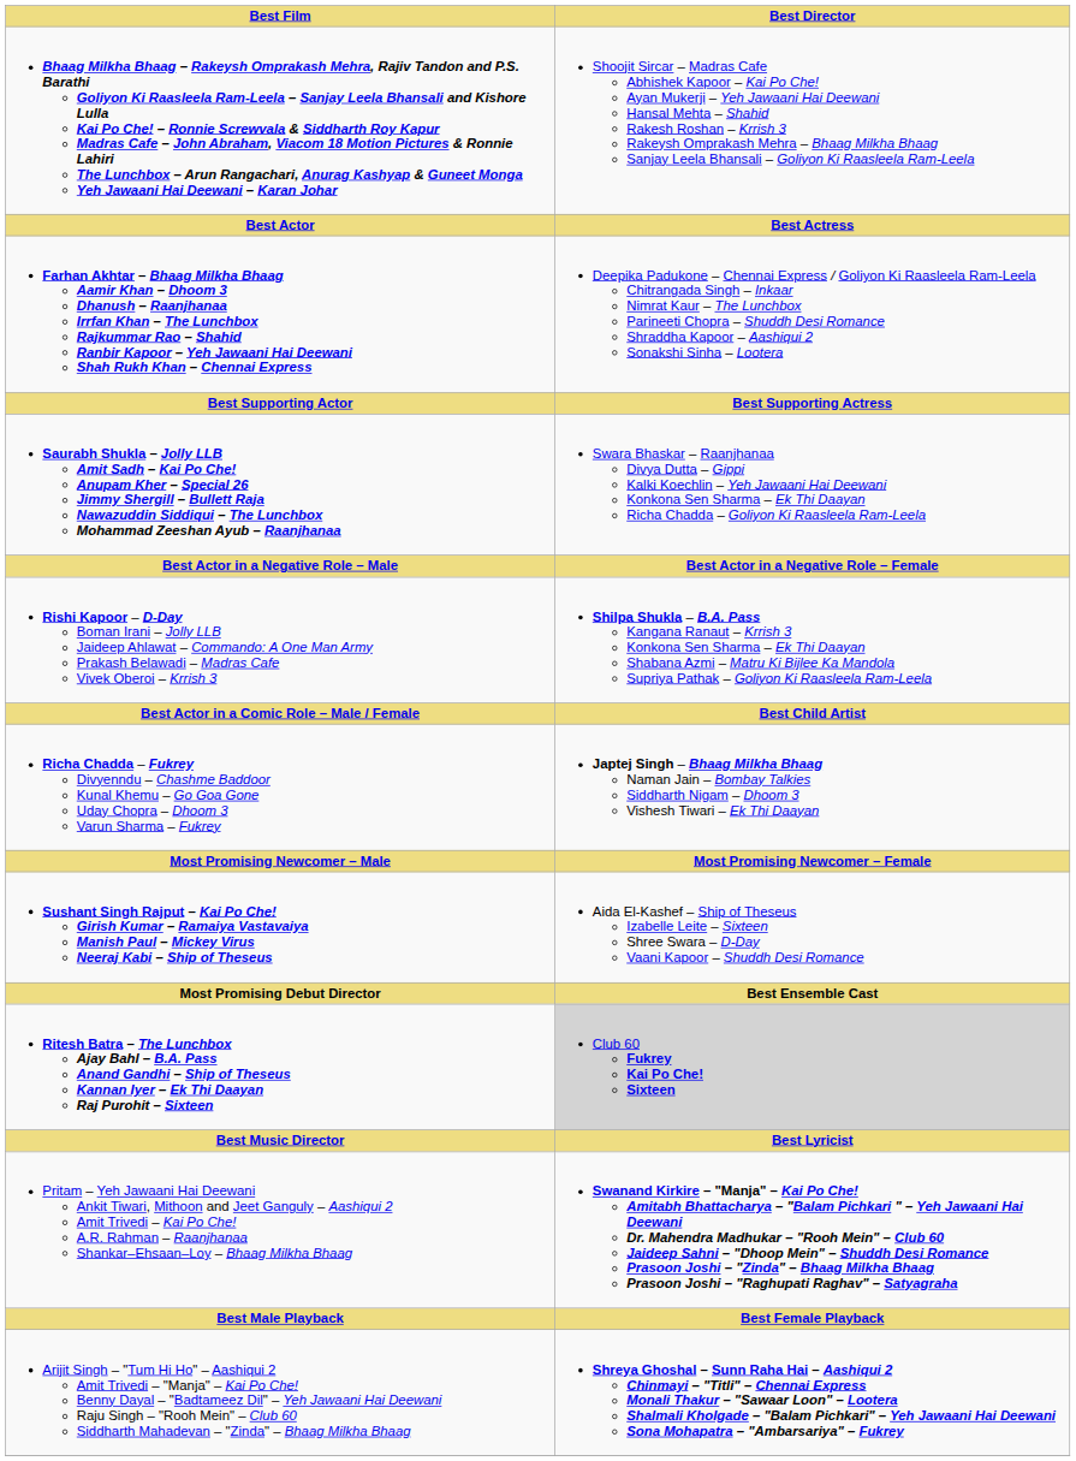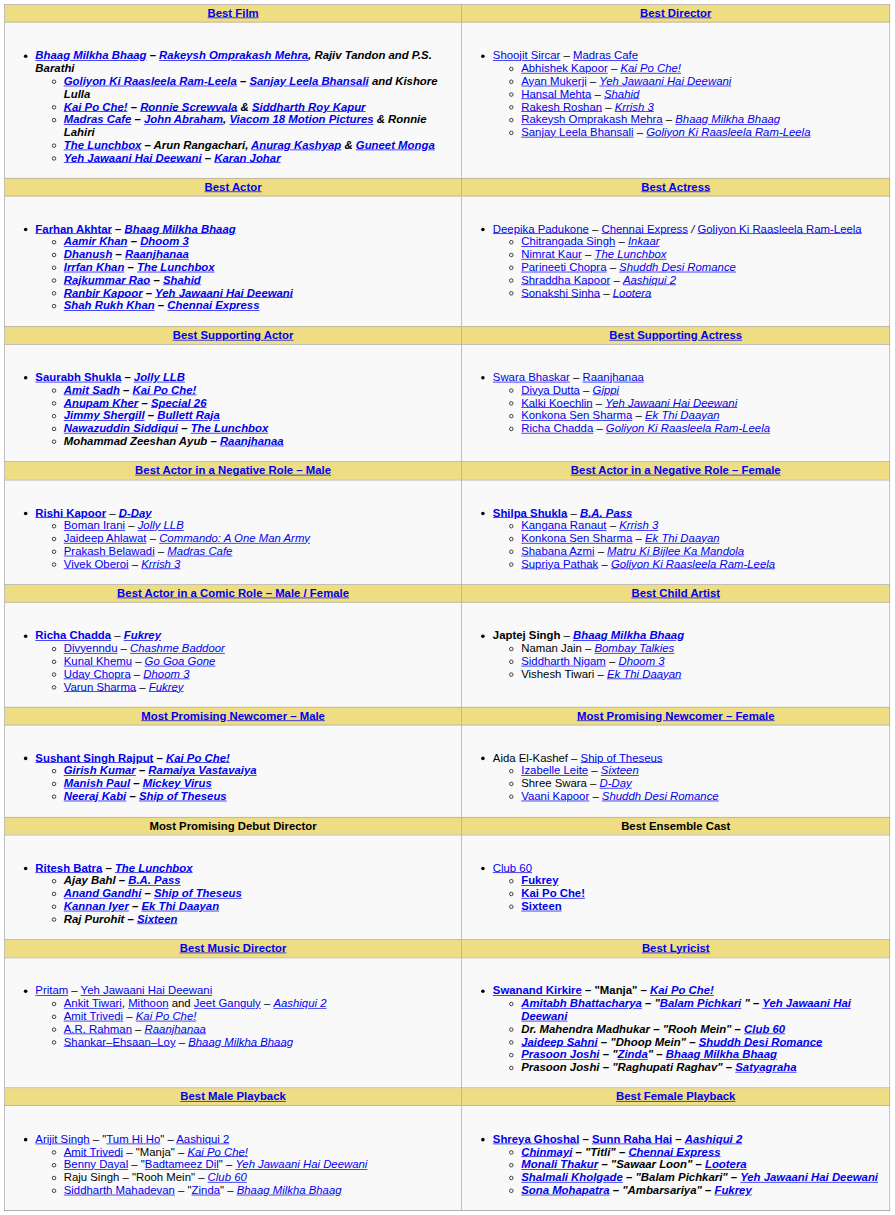 <table class="wikitable">
 <tr>
 <th style="background:#EEDD82;" !align="center"><a href='#'>Best Film</a></th>
 <th style="background:#EEDD82;" !align="center"><a href='#'>Best Director</a></th>
 </tr>
 <tr>
 <td valign="top"><br><ul><li><strong><em><a href='#'>Bhaag Milkha Bhaag</a><em> – <a href='#'>Rakeysh Omprakash Mehra</a>, Rajiv Tandon and P.S. Barathi<strong><ul><li></em><a href='#'>Goliyon Ki Raasleela Ram-Leela</a><em> – <a href='#'>Sanjay Leela Bhansali</a> and Kishore Lulla</li><li></em><a href='#'>Kai Po Che!</a><em>  – <a href='#'>Ronnie Screwvala</a> & <a href='#'>Siddharth Roy Kapur</a></li><li></em><a href='#'>Madras Cafe</a><em>  – <a href='#'>John Abraham</a>, <a href='#'>Viacom 18 Motion Pictures</a> & Ronnie Lahiri</li><li></em><a href='#'>The Lunchbox</a><em> – Arun Rangachari, <a href='#'>Anurag Kashyap</a> & <a href='#'>Guneet Monga</a></li><li></em><a href='#'>Yeh Jawaani Hai Deewani</a><em> – <a href='#'>Karan Johar</a></li></ul></li></ul></td>
 <td valign="top"><br><ul><li></strong><a href='#'>Shoojit Sircar</a> – </em><a href='#'>Madras Cafe</a></em></strong><ul><li><a href='#'>Abhishek Kapoor</a> – <em><a href='#'>Kai Po Che!</a></em></li><li><a href='#'>Ayan Mukerji</a> – <em><a href='#'>Yeh Jawaani Hai Deewani</a></em></li><li><a href='#'>Hansal Mehta</a> – <em><a href='#'>Shahid</a></em></li><li><a href='#'>Rakesh Roshan</a> – <em><a href='#'>Krrish 3</a></em></li><li><a href='#'>Rakeysh Omprakash Mehra</a> – <em><a href='#'>Bhaag Milkha Bhaag</a></em></li><li><a href='#'>Sanjay Leela Bhansali</a> – <em><a href='#'>Goliyon Ki Raasleela Ram-Leela</a></em></li></ul></li></ul></td>
 </tr>
 <tr>
 <th style="background:#EEDD82;" ! align="center"><a href='#'>Best Actor</a></th>
 <th style="background:#EEDD82;" ! align="center"><a href='#'>Best Actress</a></th>
 </tr>
 <tr>
 <td valign="top"><br><ul><li><strong><a href='#'>Farhan Akhtar</a> – <em><a href='#'>Bhaag Milkha Bhaag</a><strong><em><ul><li><a href='#'>Aamir Khan</a> – </em><a href='#'>Dhoom 3</a><em></li><li><a href='#'>Dhanush</a> – </em><a href='#'>Raanjhanaa</a><em></li><li><a href='#'>Irrfan Khan</a> – </em><a href='#'>The Lunchbox</a><em></li><li><a href='#'>Rajkummar Rao</a> – </em><a href='#'>Shahid</a><em></li><li><a href='#'>Ranbir Kapoor</a> – </em><a href='#'>Yeh Jawaani Hai Deewani</a><em></li><li><a href='#'>Shah Rukh Khan</a> – </em><a href='#'>Chennai Express</a><em></li></ul></li></ul></td>
 <td valign="top"><br><ul><li></strong><a href='#'>Deepika Padukone</a> – </em><a href='#'>Chennai Express</a><em> / </em><a href='#'>Goliyon Ki Raasleela Ram-Leela</a></em></strong><ul><li><a href='#'>Chitrangada Singh</a> – <em><a href='#'>Inkaar</a></em></li><li><a href='#'>Nimrat Kaur</a> – <em><a href='#'>The Lunchbox</a></em></li><li><a href='#'>Parineeti Chopra</a> – <em><a href='#'>Shuddh Desi Romance</a></em></li><li><a href='#'>Shraddha Kapoor</a> – <em><a href='#'>Aashiqui 2</a></em></li><li><a href='#'>Sonakshi Sinha</a> – <em><a href='#'>Lootera</a></em></li></ul></li></ul></td>
 </tr>
 <tr>
 <th style="background:#EEDD82;" ! align="center"><a href='#'>Best Supporting Actor</a></th>
 <th style="background:#EEDD82;" ! align="center"><a href='#'>Best Supporting Actress</a></th>
 </tr>
 <tr>
 <td valign="top"><br><ul><li><strong><a href='#'>Saurabh Shukla</a> – <em><a href='#'>Jolly LLB</a><strong><em><ul><li><a href='#'>Amit Sadh</a> – </em><a href='#'>Kai Po Che!</a><em></li><li><a href='#'>Anupam Kher</a> – </em><a href='#'>Special 26</a><em></li><li><a href='#'>Jimmy Shergill</a> – </em><a href='#'>Bullett Raja</a><em></li><li><a href='#'>Nawazuddin Siddiqui</a> – </em><a href='#'>The Lunchbox</a><em></li><li>Mohammad Zeeshan Ayub – </em><a href='#'>Raanjhanaa</a><em></li></ul></li></ul></td>
 <td valign="top"><br><ul><li></strong><a href='#'>Swara Bhaskar</a> – </em><a href='#'>Raanjhanaa</a></em></strong><ul><li><a href='#'>Divya Dutta</a> – <em><a href='#'>Gippi</a></em></li><li><a href='#'>Kalki Koechlin</a> – <em><a href='#'>Yeh Jawaani Hai Deewani</a></em></li><li><a href='#'>Konkona Sen Sharma</a> – <em><a href='#'>Ek Thi Daayan</a></em></li><li><a href='#'>Richa Chadda</a> – <em><a href='#'>Goliyon Ki Raasleela Ram-Leela</a></em></li></ul></li></ul></td>
 </tr>
 <tr>
 <th style="background:#EEDD82;" ! align="center"><a href='#'>Best Actor in a Negative Role – Male</a></th>
 <th style="background:#EEDD82;" ! align="center"><a href='#'>Best Actor in a Negative Role – Female</a></th>
 </tr>
 <tr>
 <td valign="top"><br><ul><li><strong><a href='#'>Rishi Kapoor</a></strong> – <strong><em><a href='#'>D-Day</a></em></strong><ul><li><a href='#'>Boman Irani</a> – <em><a href='#'>Jolly LLB</a></em></li><li><a href='#'>Jaideep Ahlawat</a> – <em><a href='#'>Commando: A One Man Army</a></em></li><li><a href='#'>Prakash Belawadi</a> – <em><a href='#'>Madras Cafe</a></em></li><li><a href='#'>Vivek Oberoi</a> – <em><a href='#'>Krrish 3</a></em></li></ul></li></ul></td>
 <td valign="top"><br><ul><li><strong><a href='#'>Shilpa Shukla</a></strong> – <strong><em><a href='#'>B.A. Pass</a></em></strong><ul><li><a href='#'>Kangana Ranaut</a> – <em><a href='#'>Krrish 3</a></em></li><li><a href='#'>Konkona Sen Sharma</a> – <em><a href='#'>Ek Thi Daayan</a></em></li><li><a href='#'>Shabana Azmi</a> – <em><a href='#'>Matru Ki Bijlee Ka Mandola</a></em></li><li><a href='#'>Supriya Pathak</a> – <em><a href='#'>Goliyon Ki Raasleela Ram-Leela</a></em></li></ul></li></ul></td>
 </tr>
 <tr>
 <th style="background:#EEDD82;" ! align="center"><a href='#'>Best Actor in a Comic Role – Male / Female</a></th>
 <th style="background:#EEDD82;" ! align="center"><a href='#'>Best Child Artist</a></th>
 </tr>
 <tr>
 <td valign="top"><br><ul><li><strong><a href='#'>Richa Chadda</a></strong> – <strong><em><a href='#'>Fukrey</a></em></strong><ul><li><a href='#'>Divyenndu</a> – <em><a href='#'>Chashme Baddoor</a></em></li><li><a href='#'>Kunal Khemu</a> – <em><a href='#'>Go Goa Gone</a></em></li><li><a href='#'>Uday Chopra</a> – <em><a href='#'>Dhoom 3</a></em></li><li><a href='#'>Varun Sharma</a> – <em><a href='#'>Fukrey</a></em></li></ul></li></ul></td>
 <td valign="top"><br><ul><li><strong>Japtej Singh</strong> – <strong><em><a href='#'>Bhaag Milkha Bhaag</a></em></strong><ul><li>Naman Jain – <em><a href='#'>Bombay Talkies</a></em></li><li><a href='#'>Siddharth Nigam</a> – <em><a href='#'>Dhoom 3</a></em></li><li>Vishesh Tiwari – <em><a href='#'>Ek Thi Daayan</a></em></li></ul></li></ul></td>
 </tr>
 <tr>
 <th style="background:#EEDD82;" ! align="center"><a href='#'>Most Promising Newcomer – Male</a></th>
 <th style="background:#EEDD82;" ! align="center"><a href='#'>Most Promising Newcomer – Female</a></th>
 </tr>
 <tr>
 <td valign="top"><br><ul><li><strong><a href='#'>Sushant Singh Rajput</a> – <em><a href='#'>Kai Po Che!</a><strong><em><ul><li><a href='#'>Girish Kumar</a> – </em><a href='#'>Ramaiya Vastavaiya</a><em></li><li><a href='#'>Manish Paul</a> – </em><a href='#'>Mickey Virus</a><em></li><li><a href='#'>Neeraj Kabi</a> –  </em><a href='#'>Ship of Theseus</a><em></li></ul></li></ul></td>
 <td valign="top"><br><ul><li></strong>Aida El-Kashef –  </em><a href='#'>Ship of Theseus</a></em></strong><ul><li><a href='#'>Izabelle Leite</a> – <em><a href='#'>Sixteen</a></em></li><li>Shree Swara – <em><a href='#'>D-Day</a></em></li><li><a href='#'>Vaani Kapoor</a> – <em><a href='#'>Shuddh Desi Romance</a></em></li></ul></li></ul></td>
 </tr>
 <tr>
 <th style="background:#EEDD82;" ! align="center">Most Promising Debut Director</th>
 <th style="background:#EEDD82;" ! align="center">Best Ensemble Cast</th>
 </tr>
 <tr>
 <td valign="top"><br><ul><li><strong><a href='#'>Ritesh Batra</a> – <em><a href='#'>The Lunchbox</a><strong><em><ul><li>Ajay Bahl – </em><a href='#'>B.A. Pass</a><em></li><li><a href='#'>Anand Gandhi</a> – </em><a href='#'>Ship of Theseus</a><em></li><li><a href='#'>Kannan Iyer</a> –  </em><a href='#'>Ek Thi Daayan</a><em></li><li>Raj Purohit –  </em><a href='#'>Sixteen</a><em></li></ul></li></ul></td>
-<td valign="top" style="background: lightgrey;"><br><ul><li></em></strong><a href='#'>Club 60</a><strong><em><ul><li></em><a href='#'>Fukrey</a><em></li><li></em><a href='#'>Kai Po Che!</a><em></li><li></em><a href='#'>Sixteen</a><em></li></ul></li></ul></td>
+<td valign="top"><br><ul><li></em></strong><a href='#'>Club 60</a><strong><em><ul><li></em><a href='#'>Fukrey</a><em></li><li></em><a href='#'>Kai Po Che!</a><em></li><li></em><a href='#'>Sixteen</a><em></li></ul></li></ul></td>
 </tr>
 <tr>
 <th style="background:#EEDD82;" ! align="center"><a href='#'>Best Music Director</a></th>
 <th style="background:#EEDD82;" ! align="center"><a href='#'>Best Lyricist</a></th>
 </tr>
 <tr>
 <td valign="top"><br><ul><li></strong><a href='#'>Pritam</a> – </em><a href='#'>Yeh Jawaani Hai Deewani</a></em></strong><ul><li><a href='#'>Ankit Tiwari</a>, <a href='#'>Mithoon</a> and <a href='#'>Jeet Ganguly</a>  – <em><a href='#'>Aashiqui 2</a></em></li><li><a href='#'>Amit Trivedi</a> – <em><a href='#'>Kai Po Che!</a></em></li><li><a href='#'>A.R. Rahman</a> – <em><a href='#'>Raanjhanaa</a></em></li><li><a href='#'>Shankar–Ehsaan–Loy</a> – <em><a href='#'>Bhaag Milkha Bhaag</a></em></li></ul></li></ul></td>
 <td valign="top"><br><ul><li><strong><a href='#'>Swanand Kirkire</a> – "Manja" – <em><a href='#'>Kai Po Che!</a><strong><em><ul><li><a href='#'>Amitabh Bhattacharya</a> – "<a href='#'>Balam Pichkari</a> " – </em><a href='#'>Yeh Jawaani Hai Deewani</a><em></li><li>Dr. Mahendra Madhukar – "Rooh Mein" – </em><a href='#'>Club 60</a><em></li><li><a href='#'>Jaideep Sahni</a> – "Dhoop Mein" – </em><a href='#'>Shuddh Desi Romance</a><em></li><li><a href='#'>Prasoon Joshi</a> – "<a href='#'>Zinda</a>" – </em><a href='#'>Bhaag Milkha Bhaag</a><em></li><li>Prasoon Joshi – "Raghupati Raghav" – </em><a href='#'>Satyagraha</a><em></li></ul></li></ul></td>
 </tr>
 <tr>
 <th style="background:#EEDD82;" ! align="center"><a href='#'>Best Male Playback</a></th>
 <th style="background:#EEDD82;" ! align="center"><a href='#'>Best Female Playback</a></th>
 </tr>
 <tr>
 <td valign="top"><br><ul><li></strong><a href='#'>Arijit Singh</a> – "<a href='#'>Tum Hi Ho</a>" – </em><a href='#'>Aashiqui 2</a></em></strong><ul><li><a href='#'>Amit Trivedi</a> – "Manja" – <em><a href='#'>Kai Po Che!</a></em></li><li><a href='#'>Benny Dayal</a> – "<a href='#'>Badtameez Dil</a>" – <em><a href='#'>Yeh Jawaani Hai Deewani</a></em></li><li>Raju Singh – "Rooh Mein" – <em><a href='#'>Club 60</a></em></li><li><a href='#'>Siddharth Mahadevan</a> – "<a href='#'>Zinda</a>" – <em><a href='#'>Bhaag Milkha Bhaag</a></em></li></ul></li></ul></td>
 <td valign="top"><br><ul><li><strong><a href='#'>Shreya Ghoshal</a> – <a href='#'>Sunn Raha Hai</a> – <em><a href='#'>Aashiqui 2</a><strong><em><ul><li><a href='#'>Chinmayi</a> – "Titli" – </em><a href='#'>Chennai Express</a><em></li><li><a href='#'>Monali Thakur</a> – "Sawaar Loon" – </em><a href='#'>Lootera</a><em></li><li><a href='#'>Shalmali Kholgade</a> – "Balam Pichkari" – </em><a href='#'>Yeh Jawaani Hai Deewani</a><em></li><li><a href='#'>Sona Mohapatra</a> – "Ambarsariya" – </em><a href='#'>Fukrey</a><em></li></ul></li></ul></td>
 </tr>
 <tr>
 </tr>
 </table>
